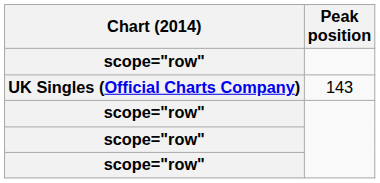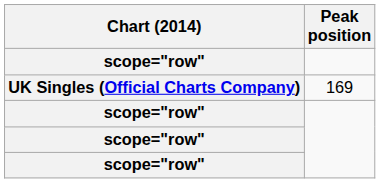 <table class="wikitable plainrowheaders">
 <tr>
 <th scope="col">Chart (2014)</th>
 <th scope="col">Peak<br>position</th>
 </tr>
 <tr>
 <th>scope="row" </th>
 </tr>
 <tr>
 <th scope="row">UK Singles (<a href='#'>Official Charts Company</a>)</th>
-<td style="text-align:center;">143</td>
+<td style="text-align:center;">169</td>
 </tr>
 <tr>
 <th>scope="row" </th>
 </tr>
 <tr>
 <th>scope="row" </th>
 </tr>
 <tr>
 <th>scope="row"</th>
 </tr>
 </table>
